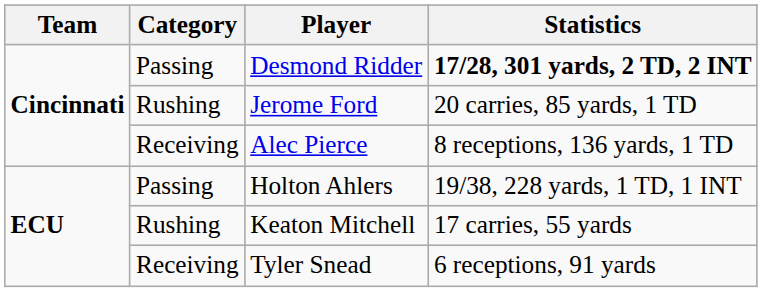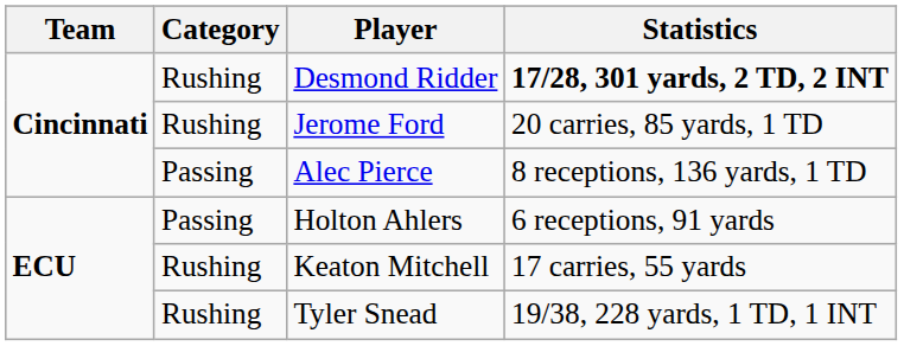 <table class="wikitable" style="float: left;">
 <tr>
 <th>Team</th>
 <th>Category</th>
 <th>Player</th>
 <th>Statistics</th>
 </tr>
 <tr>
 <td rowspan=3><strong>Cincinnati</strong></td>
-<td>Passing</td>
+<td>Rushing</td>
 <td><a href='#'>Desmond Ridder</a></td>
 <td><strong>17/28, 301 yards, 2 TD, 2 INT</strong></td>
 </tr>
 <tr>
 <td>Rushing</td>
 <td><a href='#'>Jerome Ford</a></td>
 <td>20 carries, 85 yards, 1 TD</td>
 </tr>
 <tr>
-<td>Receiving</td>
+<td>Passing</td>
 <td><a href='#'>Alec Pierce</a></td>
 <td>8 receptions, 136 yards, 1 TD</td>
 </tr>
 <tr>
 <td rowspan=3><strong>ECU</strong></td>
 <td>Passing</td>
 <td>Holton Ahlers</td>
-<td>19/38, 228 yards, 1 TD, 1 INT</td>
+<td>6 receptions, 91 yards</td>
 </tr>
 <tr>
 <td>Rushing</td>
 <td>Keaton Mitchell</td>
 <td>17 carries, 55 yards</td>
 </tr>
 <tr>
-<td>Receiving</td>
+<td>Rushing</td>
 <td>Tyler Snead</td>
-<td>6 receptions, 91 yards</td>
+<td>19/38, 228 yards, 1 TD, 1 INT</td>
 </tr>
 </table>
